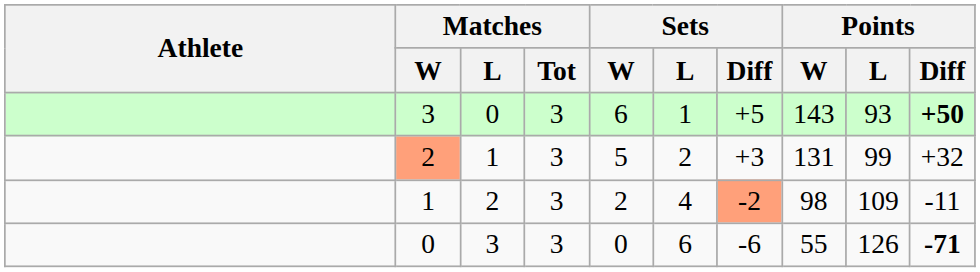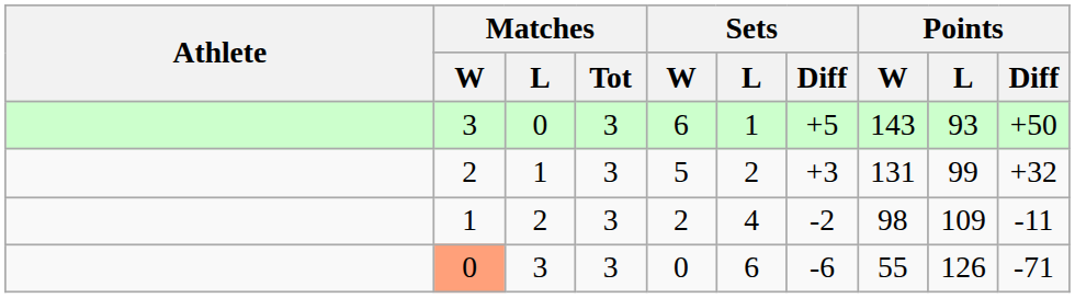 <table class=wikitable style="text-align:center">
 <tr>
 <th rowspan=2 width=220>Athlete</th>
 <th colspan=3 width=90>Matches</th>
 <th colspan=3 width=90>Sets</th>
 <th colspan=3 width=90>Points</th>
 </tr>
 <tr>
 <th width=30>W</th>
 <th width=30>L</th>
 <th width=30>Tot</th>
 <th width=30>W</th>
 <th width=30>L</th>
 <th width=30>Diff</th>
 <th width=30>W</th>
 <th width=30>L</th>
 <th width=30>Diff</th>
 </tr>
 <tr bgcolor=ccffcc>
 <td style="text-align:left"></td>
 <td>3</td>
 <td>0</td>
 <td>3</td>
 <td>6</td>
 <td>1</td>
 <td>+5</td>
 <td>143</td>
 <td>93</td>
-<td><strong>+50</strong></td>
+<td>+50</td>
 </tr>
 <tr>
 <td style="text-align:left"></td>
-<td style="background: lightsalmon;">2</td>
+<td>2</td>
 <td>1</td>
 <td>3</td>
 <td>5</td>
 <td>2</td>
 <td>+3</td>
 <td>131</td>
 <td>99</td>
 <td>+32</td>
 </tr>
 <tr>
 <td style="text-align:left"></td>
 <td>1</td>
 <td>2</td>
 <td>3</td>
 <td>2</td>
 <td>4</td>
-<td style="background: lightsalmon;">-2</td>
+<td>-2</td>
 <td>98</td>
 <td>109</td>
 <td>-11</td>
 </tr>
 <tr>
 <td style="text-align:left"></td>
-<td>0</td>
+<td style="background: lightsalmon;">0</td>
 <td>3</td>
 <td>3</td>
 <td>0</td>
 <td>6</td>
 <td>-6</td>
 <td>55</td>
 <td>126</td>
-<td><strong>-71</strong></td>
+<td>-71</td>
 </tr>
 </table>
